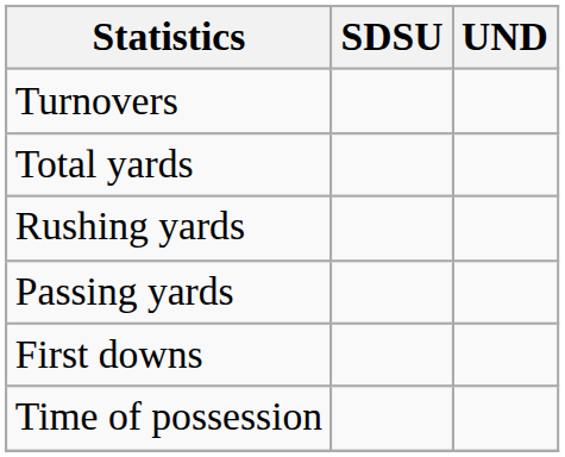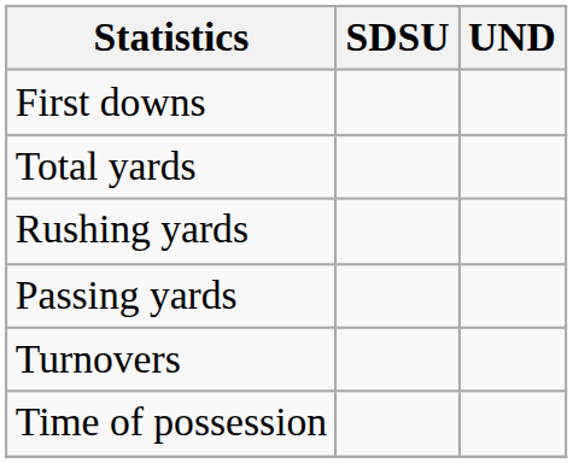 <table class="wikitable">
 <tr>
 <th>Statistics</th>
 <th>SDSU</th>
 <th>UND</th>
 </tr>
 <tr>
-<td>Turnovers</td>
+<td>First downs</td>
 <td></td>
 <td></td>
 </tr>
 <tr>
 <td>Total yards</td>
 <td></td>
 <td></td>
 </tr>
 <tr>
 <td>Rushing yards</td>
 <td></td>
 <td></td>
 </tr>
 <tr>
 <td>Passing yards</td>
 <td></td>
 <td></td>
 </tr>
 <tr>
-<td>First downs</td>
+<td>Turnovers</td>
 <td></td>
 <td></td>
 </tr>
 <tr>
 <td>Time of possession</td>
 <td></td>
 <td></td>
 </tr>
 <tr>
 </tr>
 </table>
